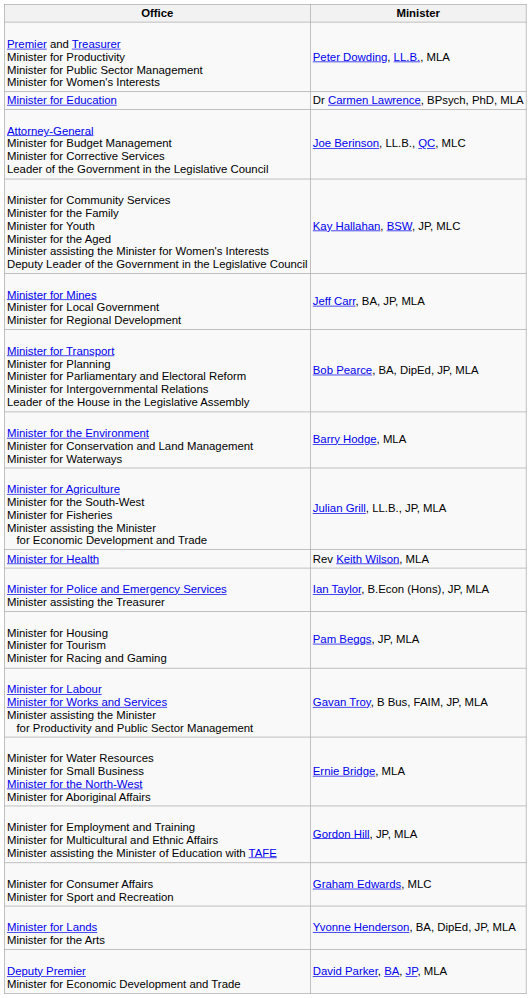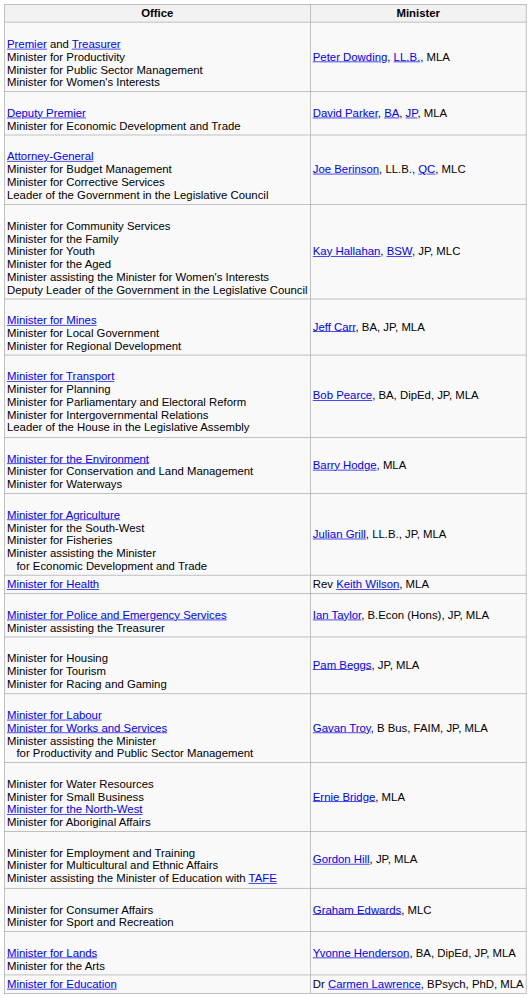 <table class="wikitable">
 <tr>
 <th>Office</th>
 <th>Minister</th>
 </tr>
 <tr>
 <td><br><a href='#'>Premier</a> and <a href='#'>Treasurer</a><br> Minister for Productivity<br> Minister for Public Sector Management<br> Minister for Women's Interests</td>
 <td><a href='#'>Peter Dowding</a>, <a href='#'>LL.B.</a>, MLA</td>
 </tr>
 <tr>
-<td><a href='#'>Minister for Education</a></td>
-<td>Dr <a href='#'>Carmen Lawrence</a>, BPsych, PhD, MLA</td>
+<td><br><a href='#'>Deputy Premier</a><br> Minister for Economic Development and Trade</td>
+<td><a href='#'>David Parker</a>, <a href='#'>BA</a>, <a href='#'>JP</a>, MLA</td>
 </tr>
 <tr>
 <td><br><a href='#'>Attorney-General</a><br> Minister for Budget Management<br> Minister for Corrective Services<br> Leader of the Government in the Legislative Council</td>
 <td><a href='#'>Joe Berinson</a>, LL.B., <a href='#'>QC</a>, MLC</td>
 </tr>
 <tr>
 <td><br>Minister for Community Services<br> Minister for the Family<br> Minister for Youth<br> Minister for the Aged<br> Minister assisting the Minister for Women's Interests<br> Deputy Leader of the Government in the Legislative Council</td>
 <td><a href='#'>Kay Hallahan</a>, <a href='#'>BSW</a>, JP, MLC</td>
 </tr>
 <tr>
 <td><br><a href='#'>Minister for Mines</a><br> Minister for Local Government<br> Minister for Regional Development</td>
 <td><a href='#'>Jeff Carr</a>, BA, JP, MLA</td>
 </tr>
 <tr>
 <td><br><a href='#'>Minister for Transport</a><br> Minister for Planning<br> Minister for Parliamentary and Electoral Reform<br> Minister for Intergovernmental Relations<br> Leader of the House in the Legislative Assembly</td>
 <td><a href='#'>Bob Pearce</a>, BA, DipEd, JP, MLA</td>
 </tr>
 <tr>
 <td><br><a href='#'>Minister for the Environment</a><br> Minister for Conservation and Land Management<br> Minister for Waterways</td>
 <td><a href='#'>Barry Hodge</a>, MLA </td>
 </tr>
 <tr>
 <td><br><a href='#'>Minister for Agriculture</a><br> Minister for the South-West<br> Minister for Fisheries<br> Minister assisting the Minister<br>   for Economic Development and Trade </td>
 <td><a href='#'>Julian Grill</a>, LL.B., JP, MLA</td>
 </tr>
 <tr>
 <td><a href='#'>Minister for Health</a></td>
 <td>Rev <a href='#'>Keith Wilson</a>, MLA</td>
 </tr>
 <tr>
 <td><br><a href='#'>Minister for Police and Emergency Services</a><br> Minister assisting the Treasurer</td>
 <td><a href='#'>Ian Taylor</a>, B.Econ (Hons), JP, MLA</td>
 </tr>
 <tr>
 <td><br>Minister for Housing<br> Minister for Tourism<br> Minister for Racing and Gaming</td>
 <td><a href='#'>Pam Beggs</a>, JP, MLA</td>
 </tr>
 <tr>
 <td><br><a href='#'>Minister for Labour</a><br> <a href='#'>Minister for Works and Services</a><br> Minister assisting the Minister<br>   for Productivity and Public Sector Management</td>
 <td><a href='#'>Gavan Troy</a>, B Bus, FAIM, JP, MLA</td>
 </tr>
 <tr>
 <td><br>Minister for Water Resources<br> Minister for Small Business<br> <a href='#'>Minister for the North-West</a><br> Minister for Aboriginal Affairs</td>
 <td><a href='#'>Ernie Bridge</a>, MLA</td>
 </tr>
 <tr>
 <td><br>Minister for Employment and Training<br> Minister for Multicultural and Ethnic Affairs<br> Minister assisting the Minister of Education with <a href='#'>TAFE</a></td>
 <td><a href='#'>Gordon Hill</a>, JP, MLA</td>
 </tr>
 <tr>
 <td><br>Minister for Consumer Affairs<br> Minister for Sport and Recreation</td>
 <td><a href='#'>Graham Edwards</a>, MLC</td>
 </tr>
 <tr>
 <td><br><a href='#'>Minister for Lands</a><br> Minister for the Arts</td>
 <td><a href='#'>Yvonne Henderson</a>, BA, DipEd, JP, MLA</td>
 </tr>
 <tr>
-<td><br><a href='#'>Deputy Premier</a><br> Minister for Economic Development and Trade</td>
-<td><a href='#'>David Parker</a>, <a href='#'>BA</a>, <a href='#'>JP</a>, MLA</td>
+<td><a href='#'>Minister for Education</a></td>
+<td>Dr <a href='#'>Carmen Lawrence</a>, BPsych, PhD, MLA</td>
 </tr>
 </table>
